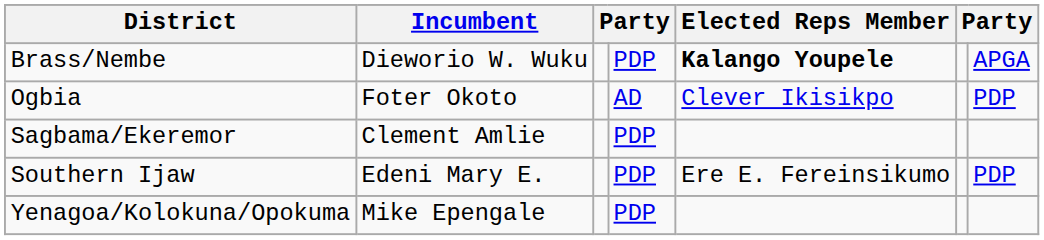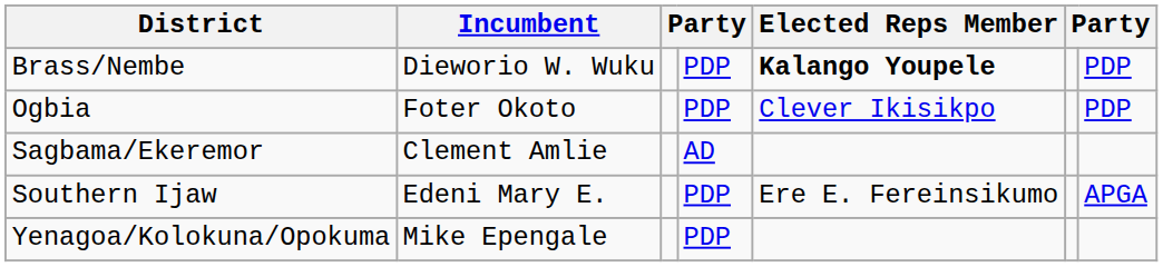 <table class="sortable wikitable" style="font-size:95%;line-height:14px;">
 <tr>
 <th class="unsortable">District</th>
 <th class="unsortable"><a href='#'>Incumbent</a></th>
 <th colspan="2">Party</th>
 <th class="unsortable">Elected Reps Member</th>
 <th colspan="2">Party</th>
 </tr>
 <tr>
 <td>Brass/Nembe</td>
 <td>Dieworio W. Wuku</td>
 <td style="background:"></td>
 <td><a href='#'>PDP</a></td>
 <td><strong>Kalango Youpele</strong></td>
 <td style="background:"></td>
-<td><a href='#'>APGA</a></td>
+<td><a href='#'>PDP</a></td>
 </tr>
 <tr>
 <td>Ogbia</td>
 <td>Foter Okoto</td>
 <td style="background:"></td>
-<td><a href='#'>AD</a></td>
+<td><a href='#'>PDP</a></td>
 <td><a href='#'>Clever Ikisikpo</a></td>
 <td style="background:"></td>
 <td><a href='#'>PDP</a></td>
 </tr>
 <tr>
 <td>Sagbama/Ekeremor</td>
 <td>Clement Amlie</td>
 <td style="background:"></td>
-<td><a href='#'>PDP</a></td>
+<td><a href='#'>AD</a></td>
 <td></td>
 <td style="background:;"></td>
 <td></td>
 </tr>
 <tr>
 <td>Southern Ijaw</td>
 <td>Edeni Mary E.</td>
 <td style="background:"></td>
 <td><a href='#'>PDP</a></td>
 <td>Ere E. Fereinsikumo</td>
 <td style="background:"></td>
-<td><a href='#'>PDP</a></td>
+<td><a href='#'>APGA</a></td>
 </tr>
 <tr>
 <td>Yenagoa/Kolokuna/Opokuma</td>
 <td>Mike Epengale</td>
 <td style="background:"></td>
 <td><a href='#'>PDP</a></td>
 <td></td>
 <td style="background:;"></td>
 <td></td>
 </tr>
 </table>
